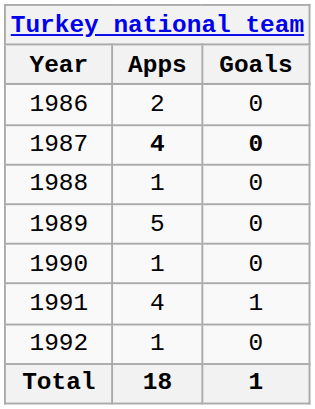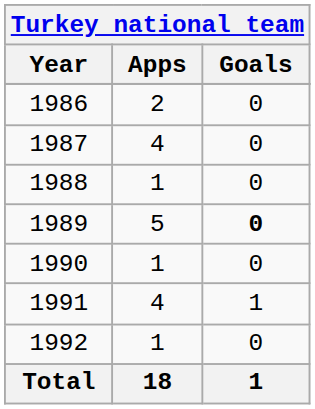 <table class="wikitable" style="text-align:center">
 <tr>
 <th colspan=3><a href='#'>Turkey national team</a></th>
 </tr>
 <tr>
 <th>Year</th>
 <th>Apps</th>
 <th>Goals</th>
 </tr>
 <tr>
 </tr>
 <tr>
 <td>1986</td>
 <td>2</td>
 <td>0</td>
 </tr>
 <tr>
 <td>1987</td>
-<td><strong>4</strong></td>
-<td><strong>0</strong></td>
+<td>4</td>
+<td>0</td>
 </tr>
 <tr>
 <td>1988</td>
 <td>1</td>
 <td>0</td>
 </tr>
 <tr>
 <td>1989</td>
 <td>5</td>
-<td>0</td>
+<td><strong>0</strong></td>
 </tr>
 <tr>
 <td>1990</td>
 <td>1</td>
 <td>0</td>
 </tr>
 <tr>
 <td>1991</td>
 <td>4</td>
 <td>1</td>
 </tr>
 <tr>
 <td>1992</td>
 <td>1</td>
 <td>0</td>
 </tr>
 <tr>
 <th>Total</th>
 <th>18</th>
 <th>1</th>
 </tr>
 </table>
